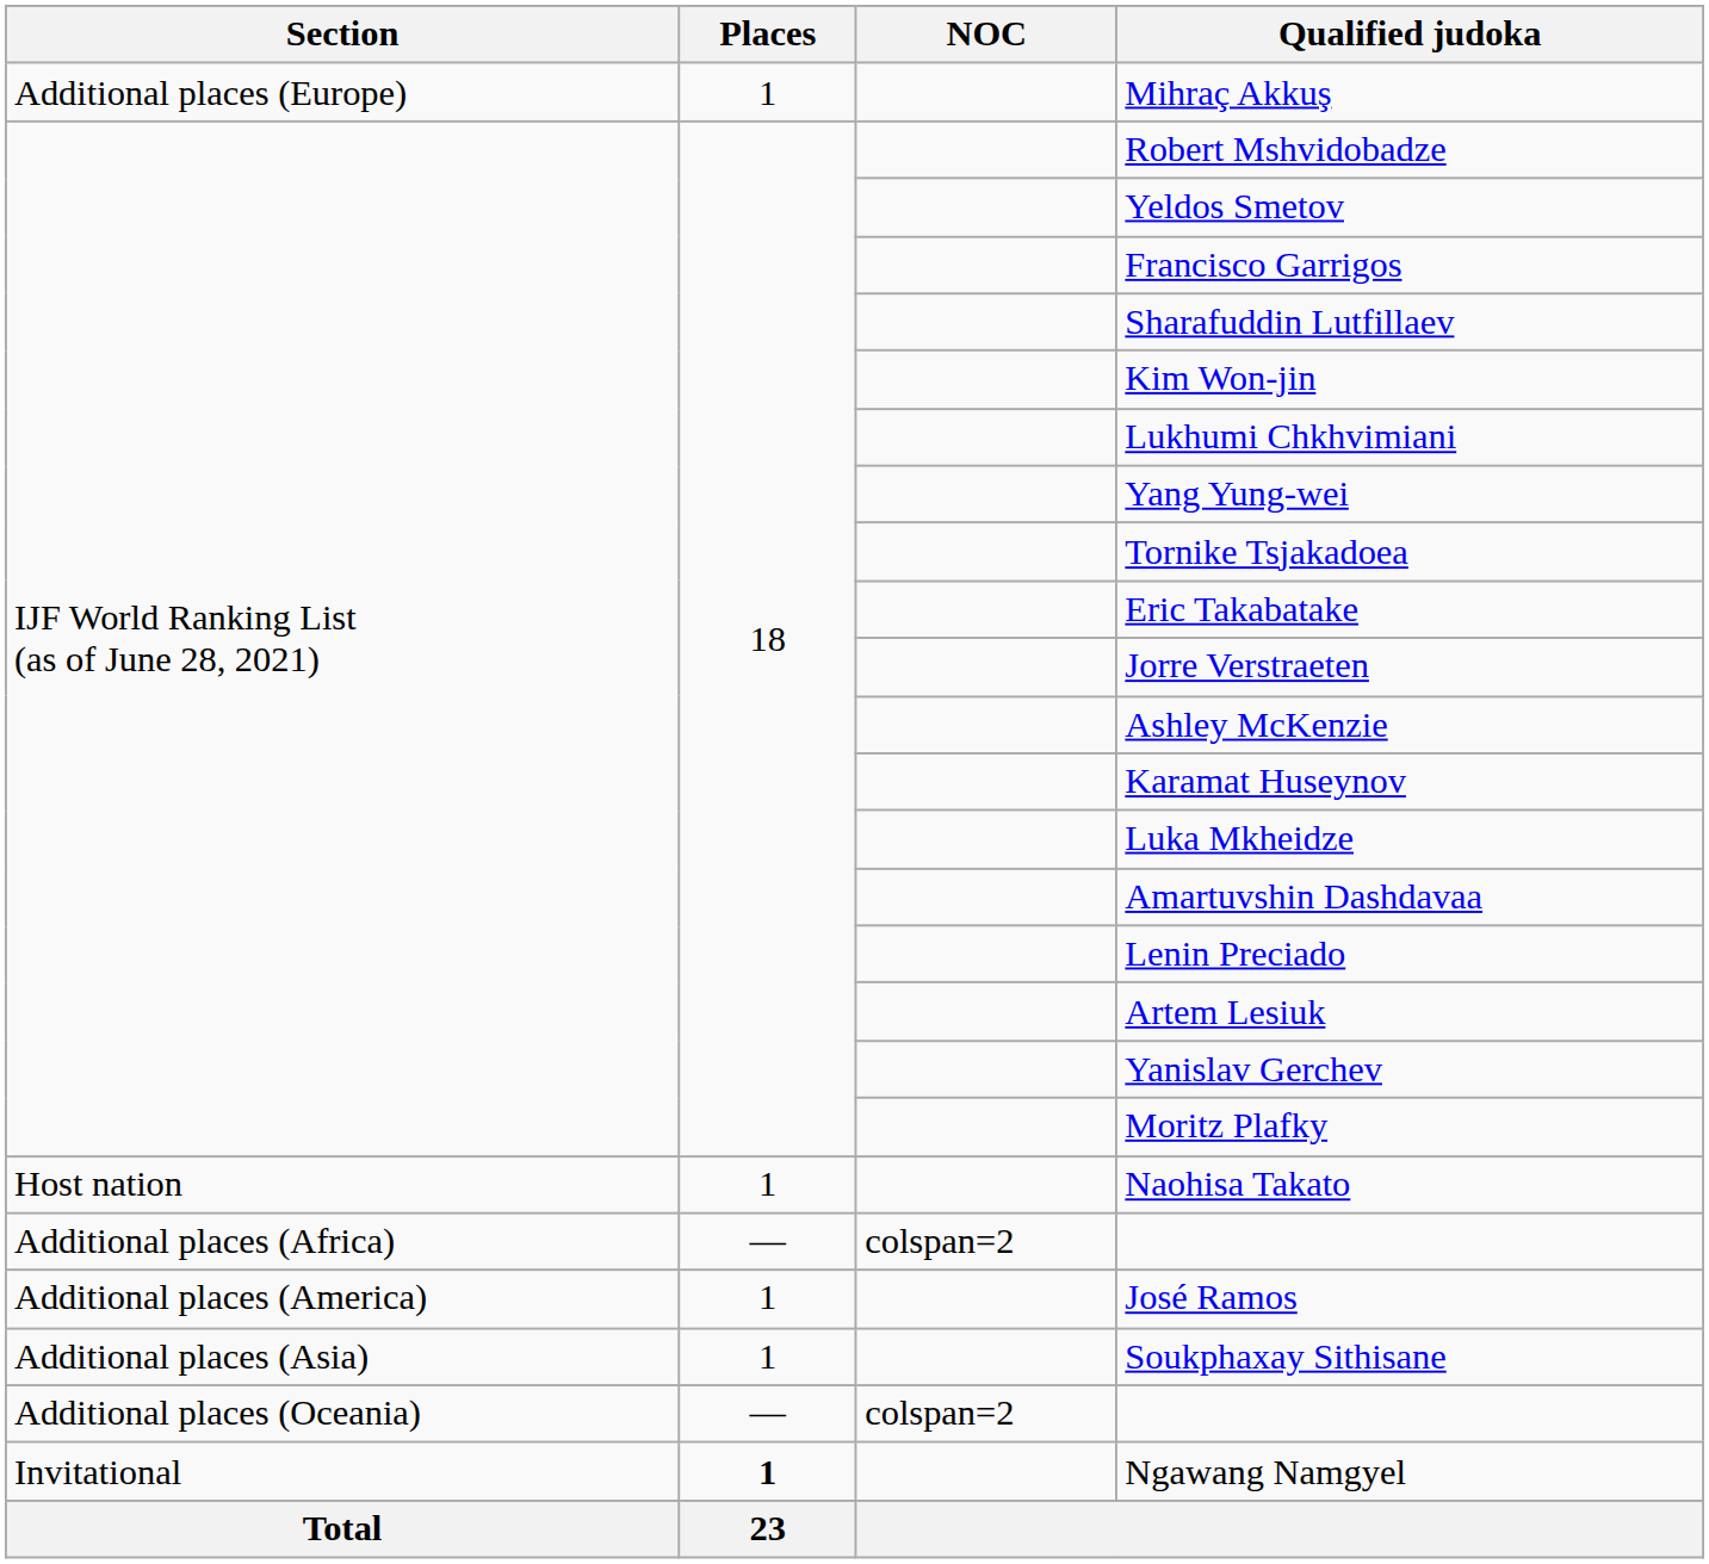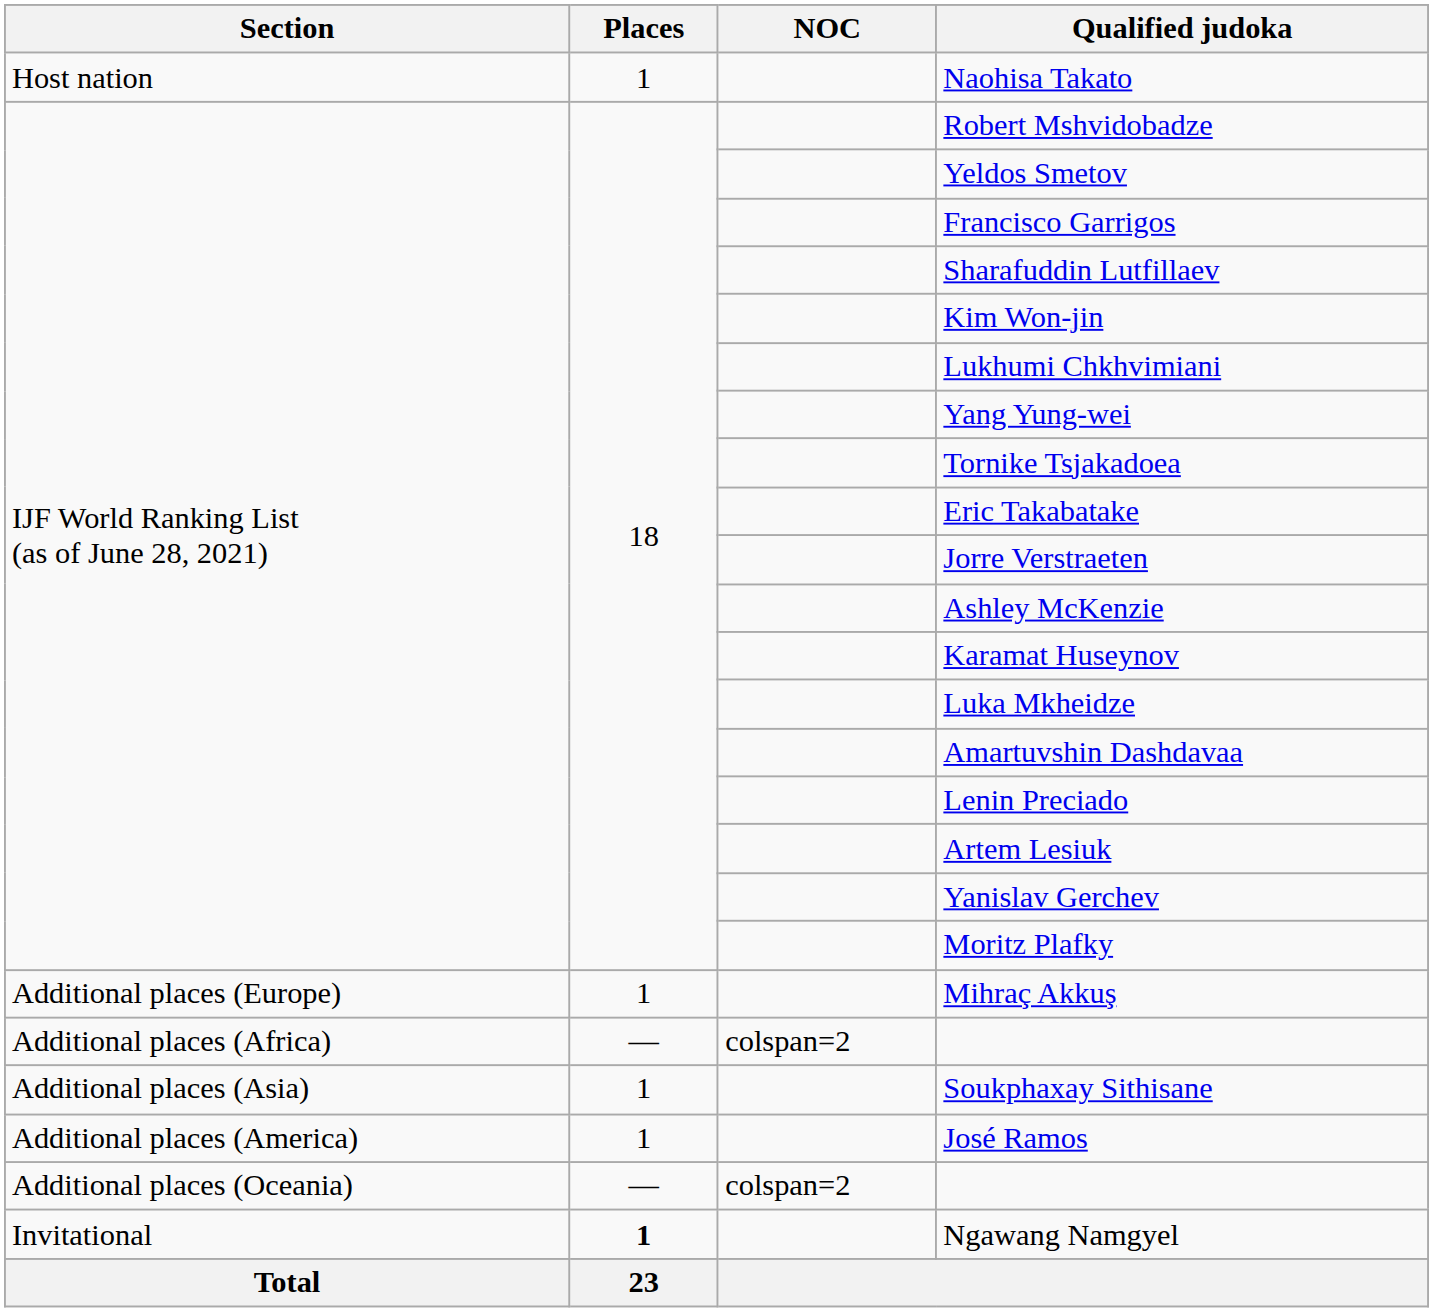 <table class="wikitable"  width=750>
 <tr>
 <th>Section</th>
 <th>Places</th>
 <th>NOC</th>
 <th>Qualified judoka</th>
 </tr>
 <tr>
-<td>Additional places (Europe)</td>
+<td>Host nation</td>
 <td align=center>1</td>
 <td></td>
-<td><a href='#'>Mihraç Akkuş</a></td>
+<td><a href='#'>Naohisa Takato</a></td>
 </tr>
 <tr>
 <td rowspan=18>IJF World Ranking List<br>(as of June 28, 2021)</td>
 <td rowspan=18 align=center>18</td>
 <td></td>
 <td><a href='#'>Robert Mshvidobadze</a></td>
 </tr>
 <tr>
 <td></td>
 <td><a href='#'>Yeldos Smetov</a></td>
 </tr>
 <tr>
 <td></td>
 <td><a href='#'>Francisco Garrigos</a></td>
 </tr>
 <tr>
 <td></td>
 <td><a href='#'>Sharafuddin Lutfillaev</a></td>
 </tr>
 <tr>
 <td></td>
 <td><a href='#'>Kim Won-jin</a></td>
 </tr>
 <tr>
 <td></td>
 <td><a href='#'>Lukhumi Chkhvimiani</a></td>
 </tr>
 <tr>
 <td></td>
 <td><a href='#'>Yang Yung-wei</a></td>
 </tr>
 <tr>
 <td></td>
 <td><a href='#'>Tornike Tsjakadoea</a></td>
 </tr>
 <tr>
 <td></td>
 <td><a href='#'>Eric Takabatake</a></td>
 </tr>
 <tr>
 <td></td>
 <td><a href='#'>Jorre Verstraeten</a></td>
 </tr>
 <tr>
 <td></td>
 <td><a href='#'>Ashley McKenzie</a></td>
 </tr>
 <tr>
 <td></td>
 <td><a href='#'>Karamat Huseynov</a></td>
 </tr>
 <tr>
 <td></td>
 <td><a href='#'>Luka Mkheidze</a></td>
 </tr>
 <tr>
 <td></td>
 <td><a href='#'>Amartuvshin Dashdavaa</a></td>
 </tr>
 <tr>
 <td></td>
 <td><a href='#'>Lenin Preciado</a></td>
 </tr>
 <tr>
 <td></td>
 <td><a href='#'>Artem Lesiuk</a></td>
 </tr>
 <tr>
 <td></td>
 <td><a href='#'>Yanislav Gerchev</a></td>
 </tr>
 <tr>
 <td></td>
 <td><a href='#'>Moritz Plafky</a></td>
 </tr>
 <tr>
-<td>Host nation</td>
+<td>Additional places (Europe)</td>
 <td align=center>1</td>
 <td></td>
-<td><a href='#'>Naohisa Takato</a></td>
+<td><a href='#'>Mihraç Akkuş</a></td>
 </tr>
 <tr>
 <td>Additional places (Africa)</td>
 <td align=center>—</td>
 <td>colspan=2 </td>
 </tr>
 <tr>
+<td>Additional places (Asia)</td>
+<td align=center>1</td>
+<td></td>
+<td><a href='#'>Soukphaxay Sithisane</a></td>
+</tr>
+<tr>
 <td>Additional places (America)</td>
 <td align=center>1</td>
 <td></td>
 <td><a href='#'>José Ramos</a></td>
-</tr>
-<tr>
-<td>Additional places (Asia)</td>
-<td align=center>1</td>
-<td></td>
-<td><a href='#'>Soukphaxay Sithisane</a></td>
 </tr>
 <tr>
 <td>Additional places (Oceania)</td>
 <td align=center>—</td>
 <td>colspan=2 </td>
 </tr>
 <tr>
 <td>Invitational</td>
 <td align=center><strong>1</strong></td>
 <td></td>
 <td>Ngawang Namgyel</td>
 </tr>
 <tr>
 <th>Total</th>
 <th>23</th>
 <th colspan=2></th>
 </tr>
 </table>
